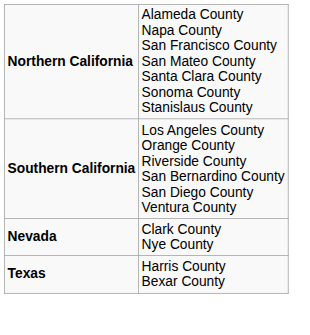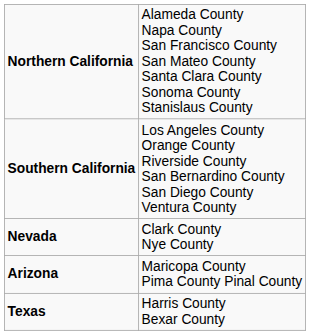 <table class="wikitable">
 <tr>
 <td><strong>Northern California</strong></td>
 <td>Alameda County<br>Napa County<br>San Francisco County<br>San Mateo County<br>Santa Clara County<br>Sonoma County<br>Stanislaus County</td>
 </tr>
 <tr>
 <td><strong>Southern California</strong></td>
 <td>Los Angeles County<br>Orange County<br>Riverside County<br>San Bernardino County<br>San Diego County<br>Ventura County</td>
 </tr>
 <tr>
 <td><strong>Nevada</strong></td>
 <td>Clark County<br>Nye County</td>
 </tr>
 <tr>
+<td><strong>Arizona</strong></td>
+<td>Maricopa County<br>Pima County Pinal County</td>
+</tr>
+<tr>
 <td><strong>Texas</strong></td>
 <td>Harris County<br>Bexar County</td>
 </tr>
 </table>
